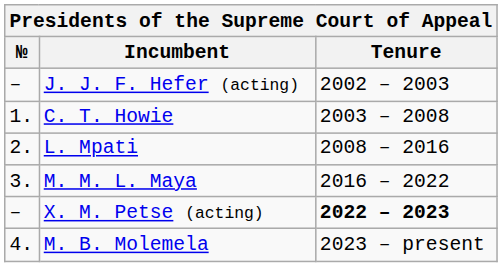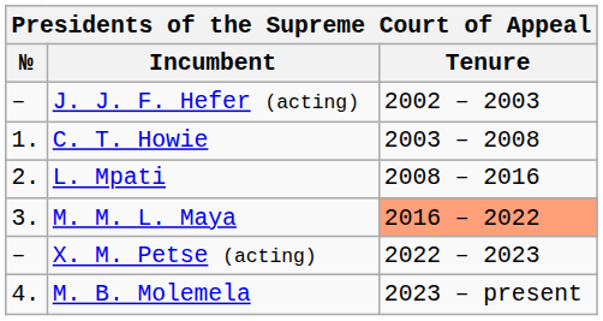 <table class="wikitable">
 <tr>
 <th colspan="3">Presidents of the Supreme Court of Appeal</th>
 </tr>
 <tr>
 <th>№</th>
 <th>Incumbent</th>
 <th>Tenure</th>
 </tr>
 <tr>
 <td>–</td>
 <td><a href='#'>J. J. F. Hefer</a> <small>(acting)</small></td>
 <td>2002 – 2003</td>
 </tr>
 <tr>
 <td>1.</td>
 <td><a href='#'>C. T. Howie</a></td>
 <td>2003 – 2008</td>
 </tr>
 <tr>
 <td>2.</td>
 <td><a href='#'>L. Mpati</a></td>
 <td>2008 – 2016</td>
 </tr>
 <tr>
 <td>3.</td>
 <td><a href='#'>M. M. L. Maya</a></td>
-<td>2016 – 2022</td>
+<td style="background: lightsalmon;">2016 – 2022</td>
 </tr>
 <tr>
 <td>–</td>
 <td><a href='#'>X. M. Petse</a> <small>(acting)</small></td>
-<td><strong>2022 – 2023</strong></td>
+<td>2022 – 2023</td>
 </tr>
 <tr>
 <td>4.</td>
 <td><a href='#'>M. B. Molemela</a></td>
 <td>2023 – present</td>
 </tr>
 </table>
